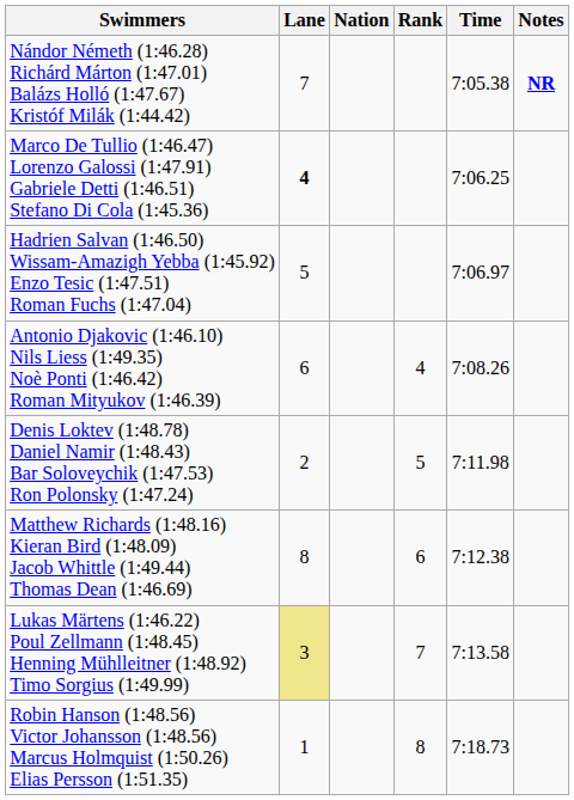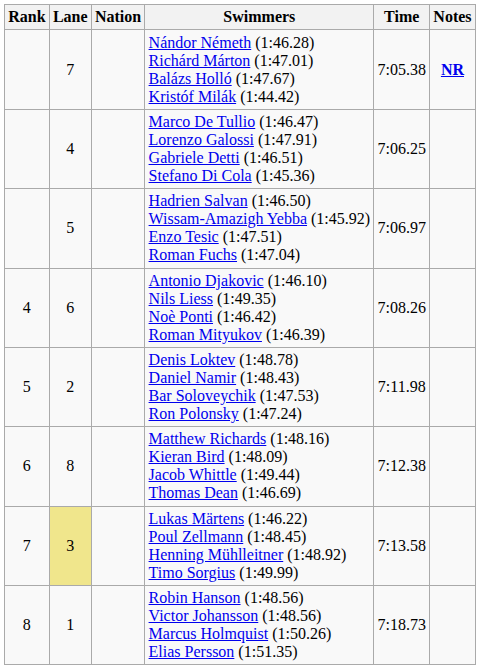 <table class="wikitable sortable" style="text-align:center">
 <tr>
-<th>Swimmers</th>
+<th>Rank</th>
 <th>Lane</th>
 <th>Nation</th>
-<th>Rank</th>
+<th>Swimmers</th>
 <th>Time</th>
 <th>Notes</th>
 </tr>
 <tr>
-<td align=left><a href='#'>Nándor Németh</a> (1:46.28)<br><a href='#'>Richárd Márton</a> (1:47.01)<br><a href='#'>Balázs Holló</a> (1:47.67)<br><a href='#'>Kristóf Milák</a> (1:44.42)</td>
+<td></td>
 <td>7</td>
 <td align=left></td>
-<td></td>
+<td align=left><a href='#'>Nándor Németh</a> (1:46.28)<br><a href='#'>Richárd Márton</a> (1:47.01)<br><a href='#'>Balázs Holló</a> (1:47.67)<br><a href='#'>Kristóf Milák</a> (1:44.42)</td>
 <td>7:05.38</td>
 <td><strong><a href='#'>NR</a></strong></td>
 </tr>
 <tr>
+<td></td>
+<td>4</td>
+<td align=left></td>
 <td align=left><a href='#'>Marco De Tullio</a> (1:46.47)<br><a href='#'>Lorenzo Galossi</a> (1:47.91)<br><a href='#'>Gabriele Detti</a> (1:46.51)<br><a href='#'>Stefano Di Cola</a> (1:45.36)</td>
-<td><strong>4</strong></td>
-<td align=left></td>
-<td></td>
 <td>7:06.25</td>
 <td></td>
 </tr>
 <tr>
-<td align=left><a href='#'>Hadrien Salvan</a> (1:46.50)<br><a href='#'>Wissam-Amazigh Yebba</a> (1:45.92)<br><a href='#'>Enzo Tesic</a> (1:47.51)<br><a href='#'>Roman Fuchs</a> (1:47.04)</td>
+<td></td>
 <td>5</td>
 <td align=left></td>
-<td></td>
+<td align=left><a href='#'>Hadrien Salvan</a> (1:46.50)<br><a href='#'>Wissam-Amazigh Yebba</a> (1:45.92)<br><a href='#'>Enzo Tesic</a> (1:47.51)<br><a href='#'>Roman Fuchs</a> (1:47.04)</td>
 <td>7:06.97</td>
 <td></td>
 </tr>
 <tr>
-<td align=left><a href='#'>Antonio Djakovic</a> (1:46.10)<br><a href='#'>Nils Liess</a> (1:49.35)<br><a href='#'>Noè Ponti</a> (1:46.42)<br><a href='#'>Roman Mityukov</a> (1:46.39)</td>
+<td>4</td>
 <td>6</td>
 <td align=left></td>
-<td>4</td>
+<td align=left><a href='#'>Antonio Djakovic</a> (1:46.10)<br><a href='#'>Nils Liess</a> (1:49.35)<br><a href='#'>Noè Ponti</a> (1:46.42)<br><a href='#'>Roman Mityukov</a> (1:46.39)</td>
 <td>7:08.26</td>
 <td></td>
 </tr>
 <tr>
-<td align=left><a href='#'>Denis Loktev</a> (1:48.78)<br><a href='#'>Daniel Namir</a> (1:48.43)<br><a href='#'>Bar Soloveychik</a> (1:47.53)<br><a href='#'>Ron Polonsky</a> (1:47.24)</td>
+<td>5</td>
 <td>2</td>
 <td align=left></td>
-<td>5</td>
+<td align=left><a href='#'>Denis Loktev</a> (1:48.78)<br><a href='#'>Daniel Namir</a> (1:48.43)<br><a href='#'>Bar Soloveychik</a> (1:47.53)<br><a href='#'>Ron Polonsky</a> (1:47.24)</td>
 <td>7:11.98</td>
 <td></td>
 </tr>
 <tr>
-<td align=left><a href='#'>Matthew Richards</a> (1:48.16)<br><a href='#'>Kieran Bird</a> (1:48.09)<br><a href='#'>Jacob Whittle</a> (1:49.44)<br><a href='#'>Thomas Dean</a> (1:46.69)</td>
+<td>6</td>
 <td>8</td>
 <td align=left></td>
-<td>6</td>
+<td align=left><a href='#'>Matthew Richards</a> (1:48.16)<br><a href='#'>Kieran Bird</a> (1:48.09)<br><a href='#'>Jacob Whittle</a> (1:49.44)<br><a href='#'>Thomas Dean</a> (1:46.69)</td>
 <td>7:12.38</td>
 <td></td>
 </tr>
 <tr>
-<td align=left><a href='#'>Lukas Märtens</a> (1:46.22)<br><a href='#'>Poul Zellmann</a> (1:48.45)<br><a href='#'>Henning Mühlleitner</a> (1:48.92)<br><a href='#'>Timo Sorgius</a> (1:49.99)</td>
+<td>7</td>
 <td style="background: khaki;">3</td>
 <td align=left></td>
-<td>7</td>
+<td align=left><a href='#'>Lukas Märtens</a> (1:46.22)<br><a href='#'>Poul Zellmann</a> (1:48.45)<br><a href='#'>Henning Mühlleitner</a> (1:48.92)<br><a href='#'>Timo Sorgius</a> (1:49.99)</td>
 <td>7:13.58</td>
 <td></td>
 </tr>
 <tr>
-<td align=left><a href='#'>Robin Hanson</a> (1:48.56)<br><a href='#'>Victor Johansson</a> (1:48.56)<br><a href='#'>Marcus Holmquist</a> (1:50.26)<br><a href='#'>Elias Persson</a> (1:51.35)</td>
+<td>8</td>
 <td>1</td>
 <td align=left></td>
-<td>8</td>
+<td align=left><a href='#'>Robin Hanson</a> (1:48.56)<br><a href='#'>Victor Johansson</a> (1:48.56)<br><a href='#'>Marcus Holmquist</a> (1:50.26)<br><a href='#'>Elias Persson</a> (1:51.35)</td>
 <td>7:18.73</td>
 <td></td>
 </tr>
 </table>
